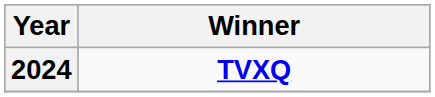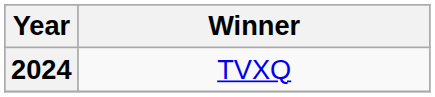 <table class="wikitable plainrowheaders" style="text-align:center">
 <tr>
 <th scope="col">Year</th>
 <th scope="col" width="200">Winner</th>
 </tr>
 <tr>
 <th scope="row">2024</th>
-<td><strong><a href='#'>TVXQ</a></strong></td>
+<td><a href='#'>TVXQ</a></td>
 </tr>
 <tr>
 </tr>
 </table>
